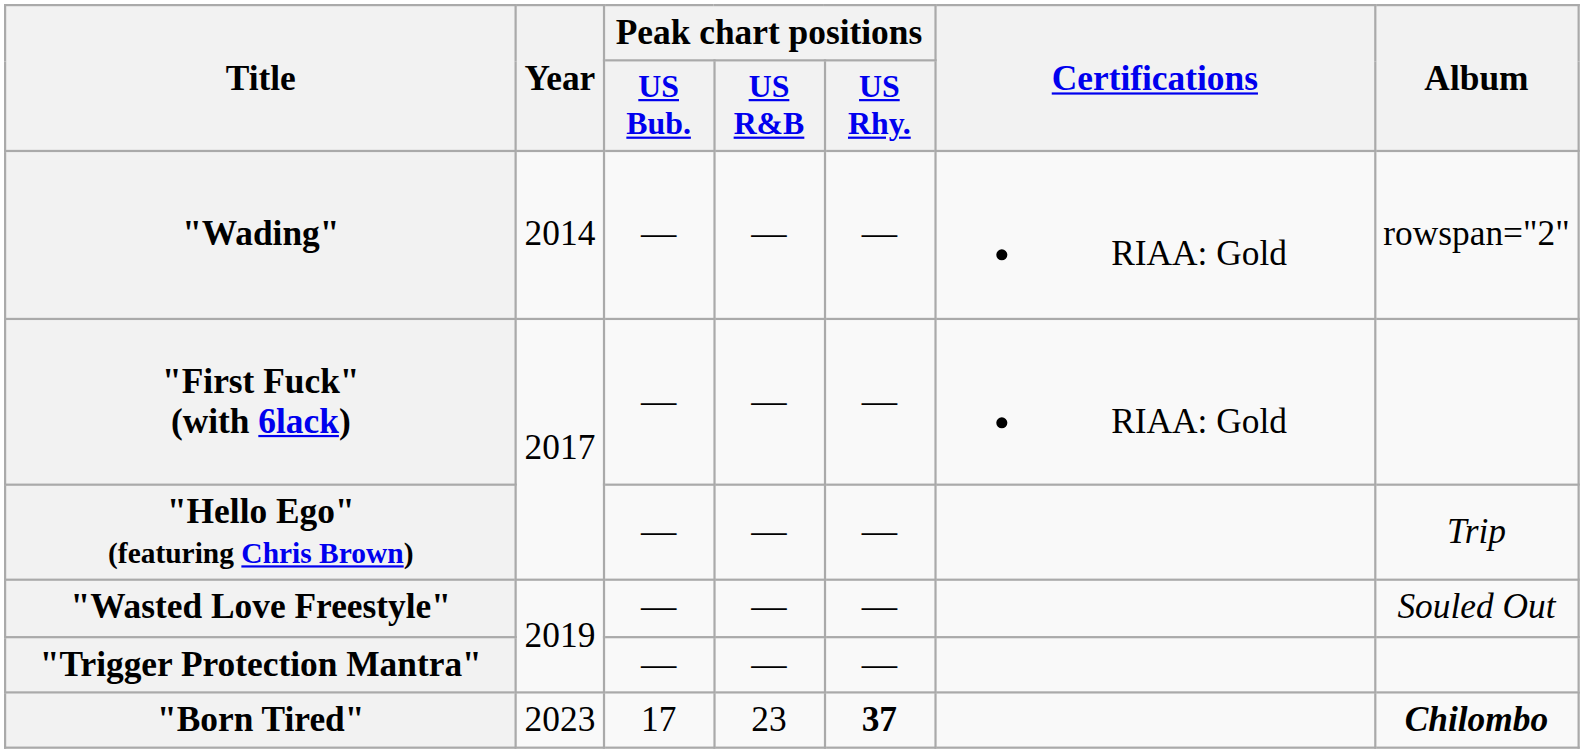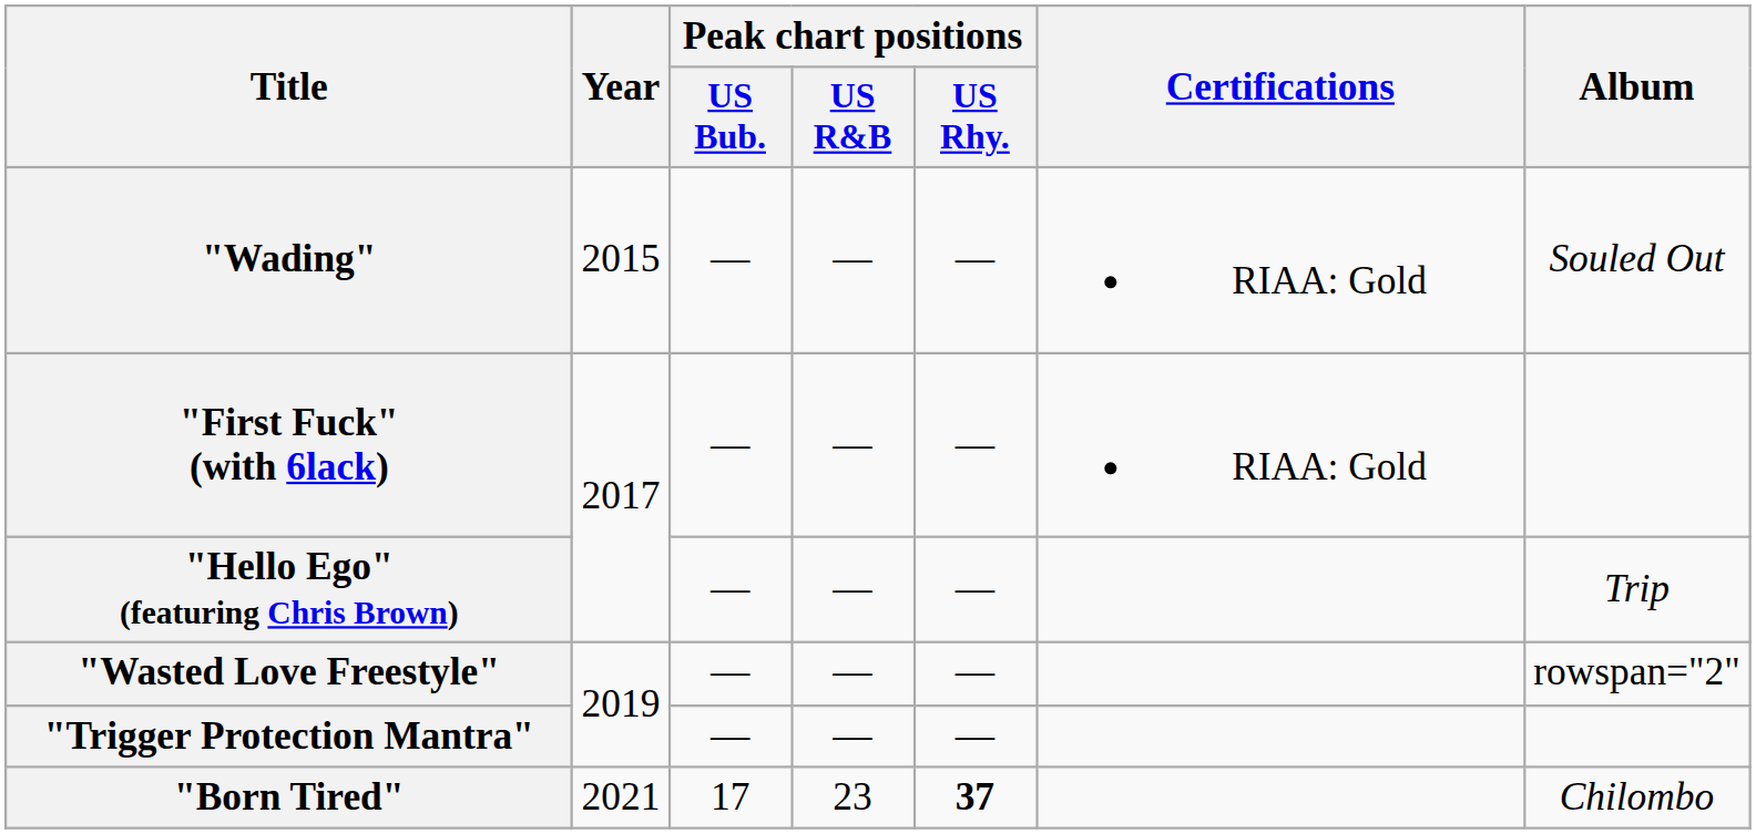 <table class="wikitable plainrowheaders" style="text-align:center;" border="2">
 <tr>
 <th scope="col" rowspan="2" style="width:14em;">Title</th>
 <th scope="col" rowspan="2">Year</th>
 <th scope="col" colspan="3">Peak chart positions</th>
 <th scope="col" rowspan="2" style="width:12em;"><a href='#'>Certifications</a></th>
 <th scope="col" rowspan="2">Album</th>
 </tr>
 <tr>
 <th scope="col" style="width:3em;font-size:90%;"><a href='#'>US<br>Bub.</a><br></th>
 <th scope="col" style="width:3em;font-size:90%;"><a href='#'>US<br>R&B</a><br></th>
 <th scope="col" style="width:3em;font-size:90%;"><a href='#'>US<br>Rhy.</a><br></th>
 </tr>
 <tr>
 <th scope="row">"Wading"</th>
-<td>2014</td>
+<td>2015</td>
 <td>—</td>
 <td>—</td>
 <td>—</td>
 <td><br><ul><li>RIAA: Gold</li></ul></td>
-<td>rowspan="2" </td>
+<td><em>Souled Out</em></td>
 </tr>
 <tr>
 <th scope="row">"First Fuck"<br><span>(with <a href='#'>6lack</a>)</span></th>
 <td rowspan="2">2017</td>
 <td>—</td>
 <td>—</td>
 <td>—</td>
 <td><br><ul><li>RIAA: Gold</li></ul></td>
 <td></td>
 </tr>
 <tr>
 <th scope="row">"Hello Ego"<br><small>(featuring <a href='#'>Chris Brown</a>)</small></th>
 <td>—</td>
 <td>—</td>
 <td>—</td>
 <td></td>
 <td><em>Trip</em></td>
 </tr>
 <tr>
 <th scope="row">"Wasted Love Freestyle"</th>
 <td rowspan="2">2019</td>
 <td>—</td>
 <td>—</td>
 <td>—</td>
 <td></td>
-<td><em>Souled Out</em></td>
+<td>rowspan="2" </td>
 </tr>
 <tr>
 <th scope="row">"Trigger Protection Mantra"</th>
 <td>—</td>
 <td>—</td>
 <td>—</td>
 <td></td>
 </tr>
 <tr>
 <th scope="row">"Born Tired"</th>
-<td>2023</td>
+<td>2021</td>
 <td>17</td>
 <td>23</td>
 <td><strong>37</strong></td>
 <td></td>
-<td><strong><em>Chilombo</em></strong></td>
+<td><em>Chilombo</em></td>
 </tr>
 </table>
